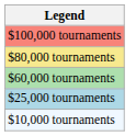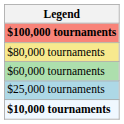 <table class=wikitable style=font-size:85%;>
 <tr>
 <th>Legend</th>
 </tr>
 <tr style="background:#f88379;">
-<td>$100,000 tournaments</td>
+<td><strong>$100,000 tournaments</strong></td>
 </tr>
 <tr style="background:#f7e98e;">
 <td>$80,000 tournaments</td>
 </tr>
 <tr style="background:#addfad;">
 <td>$60,000 tournaments</td>
 </tr>
 <tr style="background:lightblue;">
 <td>$25,000 tournaments</td>
 </tr>
 <tr style="background:#f0f8ff;">
-<td>$10,000 tournaments</td>
+<td><strong>$10,000 tournaments</strong></td>
 </tr>
 </table>
